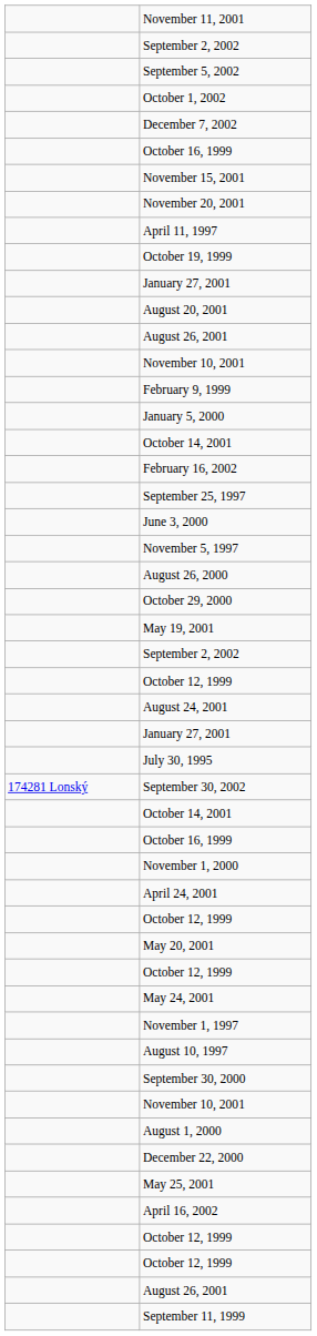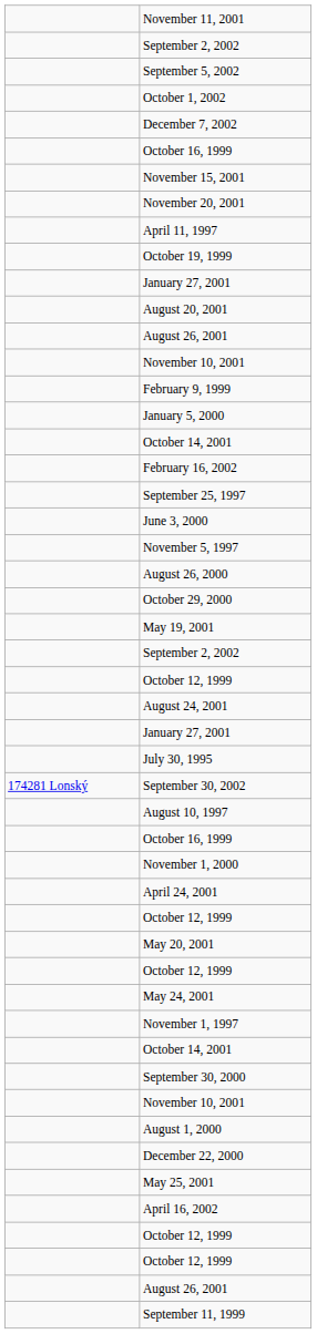 <table class="wikitable" style="font-size: 89%; float: left; width: 24em; margin-right: 1em; line-height: 1.6em !important; height: 1250px;">
 <tr>
 <td> </td>
 <td>November 11, 2001</td>
 </tr>
 <tr>
 <td> </td>
 <td>September 2, 2002</td>
 </tr>
 <tr>
 <td> </td>
 <td>September 5, 2002</td>
 </tr>
 <tr>
 <td></td>
 <td>October 1, 2002</td>
 </tr>
 <tr>
 <td> </td>
 <td>December 7, 2002</td>
 </tr>
 <tr>
 <td> </td>
 <td>October 16, 1999</td>
 </tr>
 <tr>
 <td> </td>
 <td>November 15, 2001</td>
 </tr>
 <tr>
 <td> </td>
 <td>November 20, 2001</td>
 </tr>
 <tr>
 <td></td>
 <td>April 11, 1997</td>
 </tr>
 <tr>
 <td> </td>
 <td>October 19, 1999</td>
 </tr>
 <tr>
 <td> </td>
 <td>January 27, 2001</td>
 </tr>
 <tr>
 <td> </td>
 <td>August 20, 2001</td>
 </tr>
 <tr>
 <td> </td>
 <td>August 26, 2001</td>
 </tr>
 <tr>
 <td></td>
 <td>November 10, 2001</td>
 </tr>
 <tr>
 <td></td>
 <td>February 9, 1999</td>
 </tr>
 <tr>
 <td> </td>
 <td>January 5, 2000</td>
 </tr>
 <tr>
 <td> </td>
 <td>October 14, 2001</td>
 </tr>
 <tr>
 <td> </td>
 <td>February 16, 2002</td>
 </tr>
 <tr>
 <td> </td>
 <td>September 25, 1997</td>
 </tr>
 <tr>
 <td> </td>
 <td>June 3, 2000</td>
 </tr>
 <tr>
 <td></td>
 <td>November 5, 1997</td>
 </tr>
 <tr>
 <td> </td>
 <td>August 26, 2000</td>
 </tr>
 <tr>
 <td> </td>
 <td>October 29, 2000</td>
 </tr>
 <tr>
 <td> </td>
 <td>May 19, 2001</td>
 </tr>
 <tr>
 <td> </td>
 <td>September 2, 2002</td>
 </tr>
 <tr>
 <td> </td>
 <td>October 12, 1999</td>
 </tr>
 <tr>
 <td> </td>
 <td>August 24, 2001</td>
 </tr>
 <tr>
 <td> </td>
 <td>January 27, 2001</td>
 </tr>
 <tr>
 <td> </td>
 <td>July 30, 1995</td>
 </tr>
 <tr>
 <td><a href='#'>174281 Lonský</a></td>
 <td>September 30, 2002</td>
 </tr>
 <tr>
 <td> </td>
-<td>October 14, 2001</td>
+<td>August 10, 1997</td>
 </tr>
 <tr>
 <td> </td>
 <td>October 16, 1999</td>
 </tr>
 <tr>
 <td></td>
 <td>November 1, 2000</td>
 </tr>
 <tr>
 <td> </td>
 <td>April 24, 2001</td>
 </tr>
 <tr>
 <td> </td>
 <td>October 12, 1999</td>
 </tr>
 <tr>
 <td> </td>
 <td>May 20, 2001</td>
 </tr>
 <tr>
 <td> </td>
 <td>October 12, 1999</td>
 </tr>
 <tr>
 <td> </td>
 <td>May 24, 2001</td>
 </tr>
 <tr>
 <td> </td>
 <td>November 1, 1997</td>
 </tr>
 <tr>
 <td></td>
-<td>August 10, 1997</td>
+<td>October 14, 2001</td>
 </tr>
 <tr>
 <td> </td>
 <td>September 30, 2000</td>
 </tr>
 <tr>
 <td> </td>
 <td>November 10, 2001</td>
 </tr>
 <tr>
 <td> </td>
 <td>August 1, 2000</td>
 </tr>
 <tr>
 <td> </td>
 <td>December 22, 2000</td>
 </tr>
 <tr>
 <td> </td>
 <td>May 25, 2001</td>
 </tr>
 <tr>
 <td></td>
 <td>April 16, 2002</td>
 </tr>
 <tr>
 <td> </td>
 <td>October 12, 1999</td>
 </tr>
 <tr>
 <td> </td>
 <td>October 12, 1999</td>
 </tr>
 <tr>
 <td> </td>
 <td>August 26, 2001</td>
 </tr>
 <tr>
 <td> </td>
 <td>September 11, 1999</td>
 </tr>
 </table>
